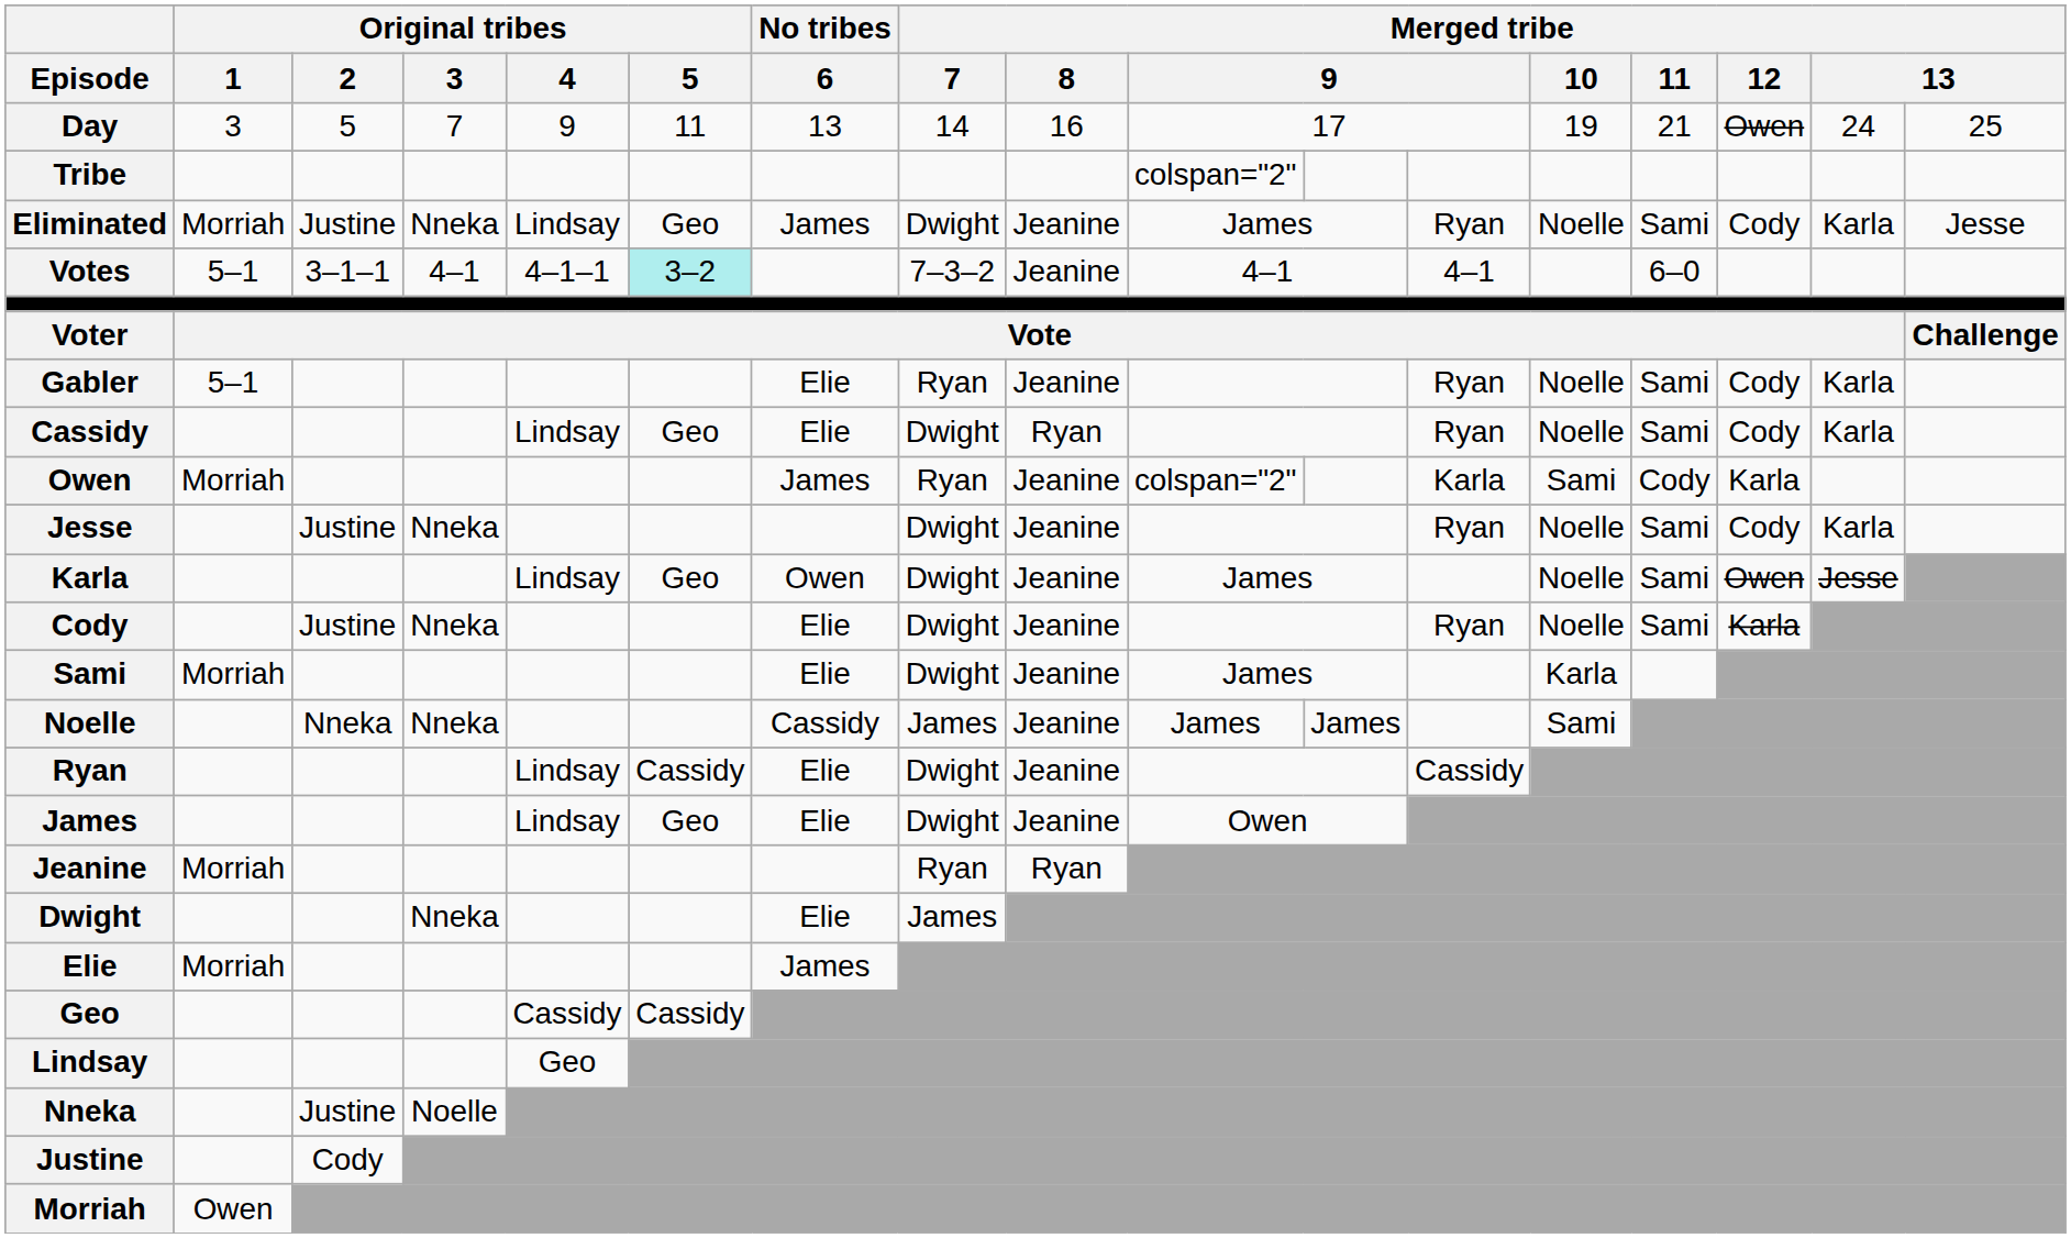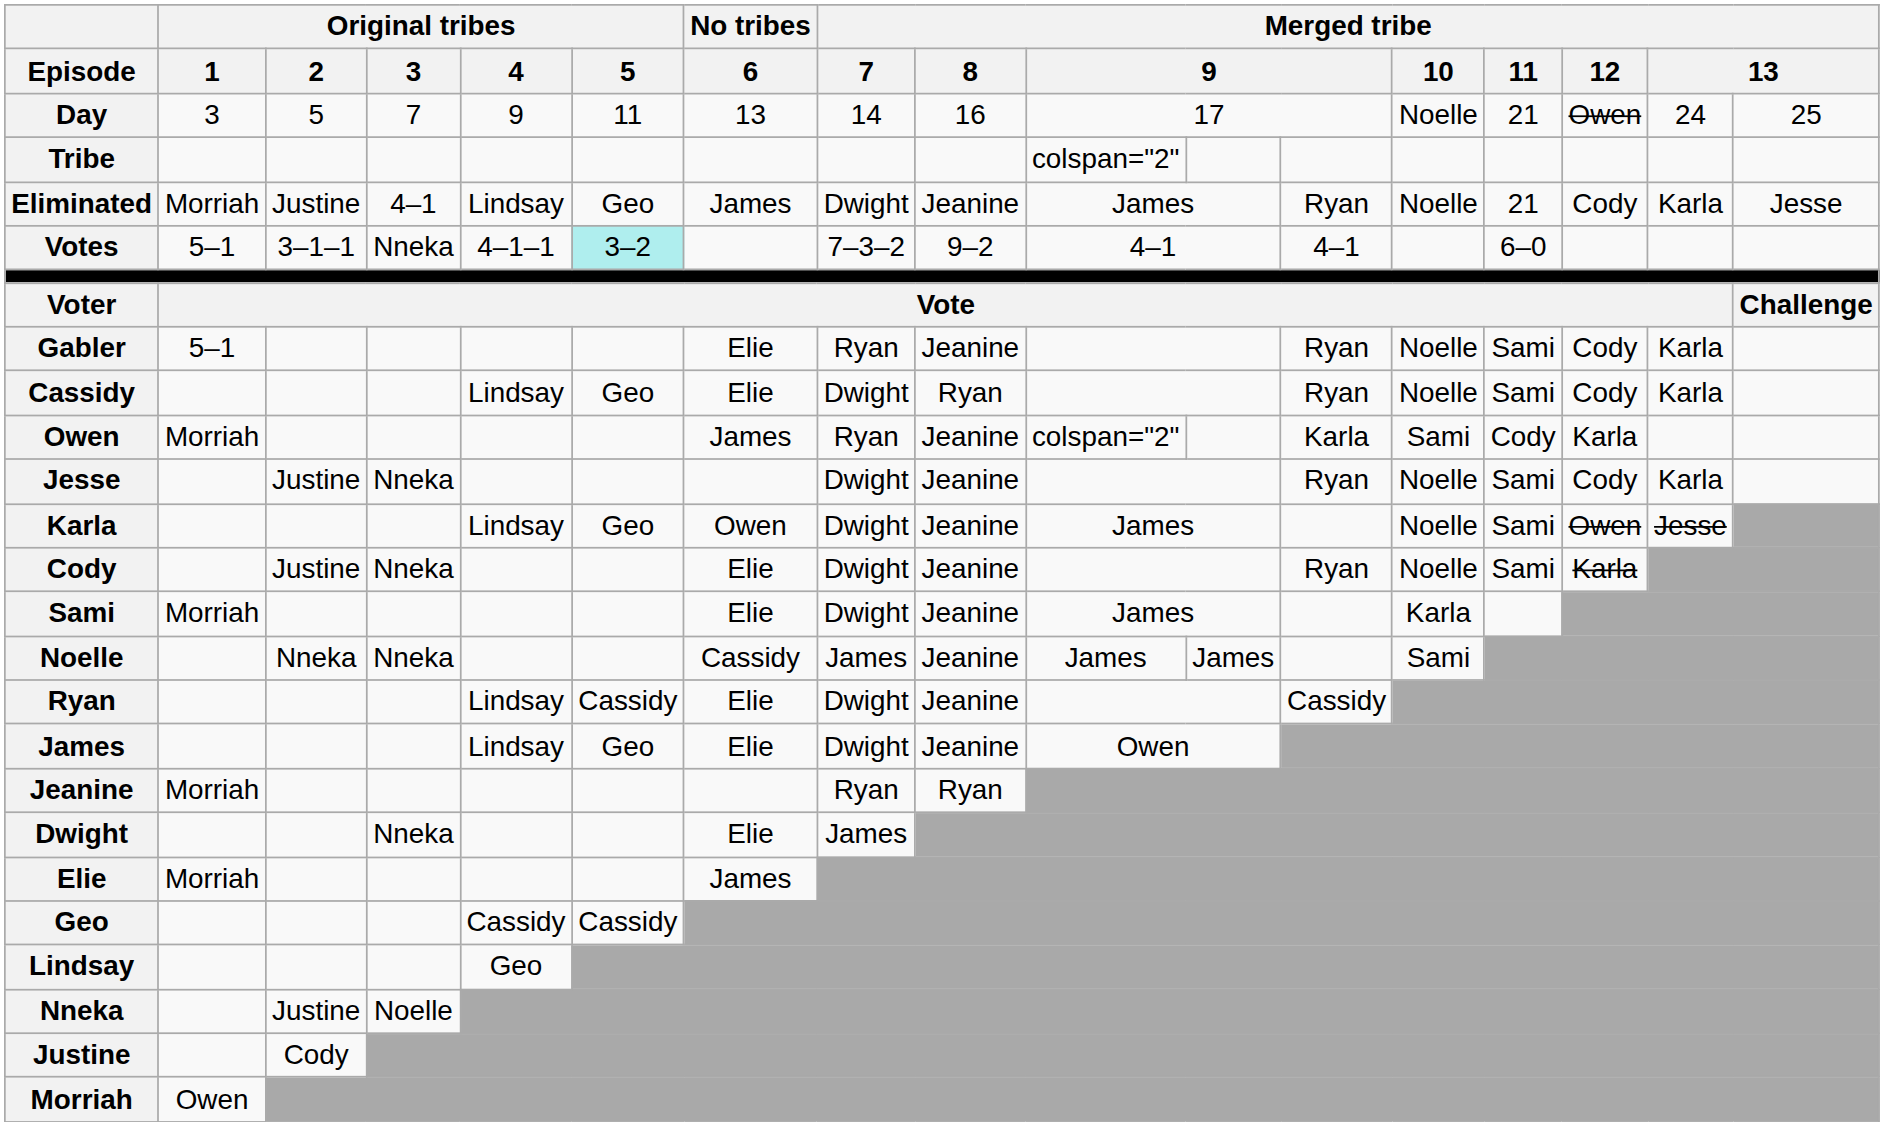 <table class="wikitable unsortable" style="text-align:center;" font-size:90%>
 <tr>
 <th></th>
 <th colspan="5">Original tribes</th>
 <th>No tribes</th>
 <th colspan="10">Merged tribe</th>
 </tr>
 <tr>
 <th>Episode</th>
 <th>1</th>
 <th>2</th>
 <th>3</th>
 <th>4</th>
 <th>5</th>
 <th>6</th>
 <th>7</th>
 <th>8</th>
 <th colspan="3">9</th>
 <th>10</th>
 <th>11</th>
 <th>12</th>
 <th colspan="2">13</th>
 </tr>
 <tr>
 <th>Day</th>
 <td>3</td>
 <td>5</td>
 <td>7</td>
 <td>9</td>
 <td>11</td>
 <td>13</td>
 <td>14</td>
 <td>16</td>
 <td colspan="3">17</td>
-<td>19</td>
+<td>Noelle</td>
 <td>21</td>
 <td><s>Owen</s></td>
 <td>24</td>
 <td>25</td>
 </tr>
 <tr>
 <th>Tribe</th>
 <td></td>
 <td></td>
 <td></td>
 <td></td>
 <td></td>
 <td></td>
 <td></td>
 <td></td>
 <td>colspan="2" </td>
 <td></td>
 <td></td>
 <td></td>
 <td></td>
 <td></td>
 <td></td>
 </tr>
 <tr>
 <th>Eliminated</th>
 <td>Morriah</td>
 <td>Justine</td>
-<td>Nneka</td>
+<td>4–1</td>
 <td>Lindsay</td>
 <td>Geo</td>
 <td>James</td>
 <td>Dwight</td>
 <td>Jeanine</td>
 <td colspan="2">James</td>
 <td>Ryan</td>
 <td>Noelle</td>
-<td>Sami</td>
+<td>21</td>
 <td>Cody</td>
 <td>Karla</td>
 <td>Jesse</td>
 </tr>
 <tr>
 <th>Votes</th>
 <td>5–1</td>
 <td>3–1–1</td>
-<td>4–1</td>
+<td>Nneka</td>
 <td>4–1–1</td>
 <td style="background: paleturquoise;">3–2</td>
 <td></td>
 <td>7–3–2</td>
-<td>Jeanine</td>
+<td>9–2</td>
 <td colspan="2">4–1</td>
 <td>4–1</td>
 <td></td>
 <td>6–0</td>
 <td></td>
 <td></td>
 <td></td>
 </tr>
 <tr>
 <td colspan="17" bgcolor="black"></td>
 </tr>
 <tr>
 <th>Voter</th>
 <th colspan="15">Vote</th>
 <th>Challenge</th>
 </tr>
 <tr>
 <th>Gabler</th>
 <td>5–1</td>
 <td></td>
 <td></td>
 <td></td>
 <td></td>
 <td>Elie</td>
 <td>Ryan</td>
 <td>Jeanine</td>
 <td colspan="2"></td>
 <td>Ryan</td>
 <td>Noelle</td>
 <td>Sami</td>
 <td>Cody</td>
 <td>Karla</td>
 <td></td>
 </tr>
 <tr>
 <th>Cassidy</th>
 <td></td>
 <td></td>
 <td></td>
 <td>Lindsay</td>
 <td>Geo</td>
 <td>Elie</td>
 <td>Dwight</td>
 <td>Ryan</td>
 <td colspan="2"></td>
 <td>Ryan</td>
 <td>Noelle</td>
 <td>Sami</td>
 <td>Cody</td>
 <td>Karla</td>
 <td></td>
 </tr>
 <tr>
 <th>Owen</th>
 <td>Morriah</td>
 <td></td>
 <td></td>
 <td></td>
 <td></td>
 <td>James</td>
 <td>Ryan</td>
 <td>Jeanine</td>
 <td>colspan="2" </td>
 <td></td>
 <td>Karla</td>
 <td>Sami</td>
 <td>Cody</td>
 <td>Karla</td>
 <td></td>
 </tr>
 <tr>
 <th>Jesse</th>
 <td></td>
 <td>Justine</td>
 <td>Nneka</td>
 <td></td>
 <td></td>
 <td></td>
 <td>Dwight</td>
 <td>Jeanine</td>
 <td colspan="2"></td>
 <td>Ryan</td>
 <td>Noelle</td>
 <td>Sami</td>
 <td>Cody</td>
 <td>Karla</td>
 <td></td>
 </tr>
 <tr>
 <th>Karla</th>
 <td></td>
 <td></td>
 <td></td>
 <td>Lindsay</td>
 <td>Geo</td>
 <td>Owen</td>
 <td>Dwight</td>
 <td>Jeanine</td>
 <td colspan="2">James</td>
 <td></td>
 <td>Noelle</td>
 <td>Sami</td>
 <td><s>Owen</s></td>
 <td><s>Jesse</s></td>
 <td bgcolor="darkgray"></td>
 </tr>
 <tr>
 <th>Cody</th>
 <td></td>
 <td>Justine</td>
 <td>Nneka</td>
 <td></td>
 <td></td>
 <td>Elie</td>
 <td>Dwight</td>
 <td>Jeanine</td>
 <td colspan="2"></td>
 <td>Ryan</td>
 <td>Noelle</td>
 <td>Sami</td>
 <td><s>Karla</s></td>
 <td colspan="2" bgcolor="darkgray"></td>
 </tr>
 <tr>
 <th>Sami</th>
 <td>Morriah</td>
 <td></td>
 <td></td>
 <td></td>
 <td></td>
 <td>Elie</td>
 <td>Dwight</td>
 <td>Jeanine</td>
 <td colspan="2">James</td>
 <td></td>
 <td>Karla</td>
 <td></td>
 <td colspan="3" bgcolor="darkgray"></td>
 </tr>
 <tr>
 <th>Noelle</th>
 <td></td>
 <td>Nneka</td>
 <td>Nneka</td>
 <td></td>
 <td></td>
 <td>Cassidy</td>
 <td>James</td>
 <td>Jeanine</td>
 <td>James</td>
 <td>James</td>
 <td></td>
 <td>Sami</td>
 <td colspan="4" bgcolor="darkgray"></td>
 </tr>
 <tr>
 <th>Ryan</th>
 <td></td>
 <td></td>
 <td></td>
 <td>Lindsay</td>
 <td>Cassidy</td>
 <td>Elie</td>
 <td>Dwight</td>
 <td>Jeanine</td>
 <td colspan="2"></td>
 <td>Cassidy</td>
 <td colspan="5" bgcolor="darkgray"></td>
 </tr>
 <tr>
 <th>James</th>
 <td></td>
 <td></td>
 <td></td>
 <td>Lindsay</td>
 <td>Geo</td>
 <td>Elie</td>
 <td>Dwight</td>
 <td>Jeanine</td>
 <td colspan="2">Owen</td>
 <td colspan="6" bgcolor="darkgray"></td>
 </tr>
 <tr>
 <th>Jeanine</th>
 <td>Morriah</td>
 <td></td>
 <td></td>
 <td></td>
 <td></td>
 <td></td>
 <td>Ryan</td>
 <td>Ryan</td>
 <td colspan="8" bgcolor="darkgray"></td>
 </tr>
 <tr>
 <th>Dwight</th>
 <td></td>
 <td></td>
 <td>Nneka</td>
 <td></td>
 <td></td>
 <td>Elie</td>
 <td>James</td>
 <td colspan="9" bgcolor="darkgray"></td>
 </tr>
 <tr>
 <th>Elie</th>
 <td>Morriah</td>
 <td></td>
 <td></td>
 <td></td>
 <td></td>
 <td>James</td>
 <td colspan="10" bgcolor="darkgray"></td>
 </tr>
 <tr>
 <th>Geo</th>
 <td></td>
 <td></td>
 <td></td>
 <td>Cassidy</td>
 <td>Cassidy</td>
 <td colspan="11" bgcolor="darkgray"></td>
 </tr>
 <tr>
 <th>Lindsay</th>
 <td></td>
 <td></td>
 <td></td>
 <td>Geo</td>
 <td colspan="12" bgcolor="darkgray"></td>
 </tr>
 <tr>
 <th>Nneka</th>
 <td></td>
 <td>Justine</td>
 <td>Noelle</td>
 <td colspan="13" bgcolor="darkgray"></td>
 </tr>
 <tr>
 <th>Justine</th>
 <td></td>
 <td>Cody</td>
 <td colspan="14" bgcolor="darkgray"></td>
 </tr>
 <tr>
 <th>Morriah</th>
 <td>Owen</td>
 <td colspan="15" bgcolor="darkgray"></td>
 </tr>
 </table>
